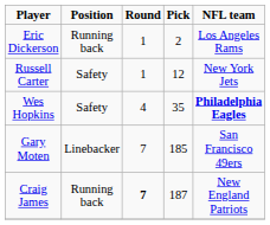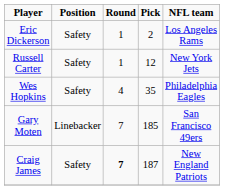 <table class="wikitable" width="50%">
 <tr style="text-align:center; ">
 <td><strong>Player</strong></td>
 <td><strong>Position</strong></td>
 <td><strong>Round</strong></td>
 <td><strong>Pick</strong></td>
 <td><strong>NFL team</strong></td>
 </tr>
 <tr align="center" bgcolor="">
 <td><a href='#'>Eric Dickerson</a></td>
-<td>Running back</td>
+<td>Safety</td>
 <td>1</td>
 <td>2</td>
 <td><a href='#'>Los Angeles Rams</a></td>
 </tr>
 <tr align="center" bgcolor="">
 <td><a href='#'>Russell Carter</a></td>
 <td>Safety</td>
 <td>1</td>
 <td>12</td>
 <td><a href='#'>New York Jets</a></td>
 </tr>
 <tr align="center" bgcolor="">
 <td><a href='#'>Wes Hopkins</a></td>
 <td>Safety</td>
 <td>4</td>
 <td>35</td>
-<td><strong><a href='#'>Philadelphia Eagles</a></strong></td>
+<td><a href='#'>Philadelphia Eagles</a></td>
 </tr>
 <tr align="center" bgcolor="">
 <td><a href='#'>Gary Moten</a></td>
 <td>Linebacker</td>
 <td>7</td>
 <td>185</td>
 <td><a href='#'>San Francisco 49ers</a></td>
 </tr>
 <tr align="center" bgcolor="">
 <td><a href='#'>Craig James</a></td>
-<td>Running back</td>
+<td>Safety</td>
 <td><strong>7</strong></td>
 <td>187</td>
 <td><a href='#'>New England Patriots</a></td>
 </tr>
 <tr align="center" bgcolor="">
 </tr>
 </table>
